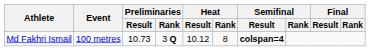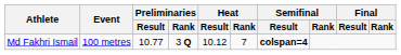 <table class="wikitable" style="font-size:90%">
 <tr>
 <th rowspan="2">Athlete</th>
 <th rowspan="2">Event</th>
 <th colspan="2">Preliminaries</th>
 <th colspan="2">Heat</th>
 <th colspan="2">Semifinal</th>
 <th colspan="2">Final</th>
 </tr>
 <tr style="font-size:95%">
 <th>Result</th>
 <th>Rank</th>
 <th>Result</th>
 <th>Rank</th>
 <th>Result</th>
 <th>Rank</th>
 <th>Result</th>
 <th>Rank</th>
 </tr>
 <tr style=text-align:center>
 <td style=text-align:left><a href='#'>Md Fakhri Ismail</a></td>
 <td style=text-align:left><a href='#'>100 metres</a></td>
-<td>10.73</td>
+<td>10.77</td>
 <td>3 <strong>Q</strong></td>
 <td>10.12</td>
-<td>8</td>
+<td>7</td>
 <td><strong>colspan=4 </strong></td>
 </tr>
 </table>
